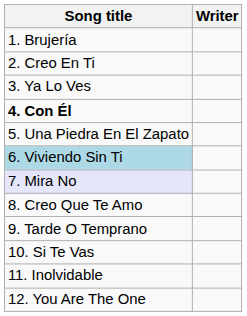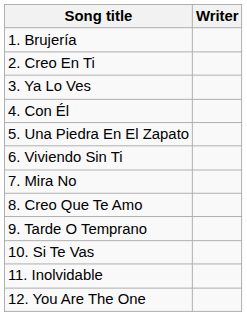 <table class="wikitable">
 <tr>
 <th>Song title</th>
 <th>Writer</th>
 </tr>
 <tr>
 <td>1. Brujería</td>
 <td></td>
 </tr>
 <tr>
 <td>2. Creo En Ti</td>
 <td></td>
 </tr>
 <tr>
 <td>3. Ya Lo Ves</td>
 <td></td>
 </tr>
 <tr>
-<td><strong>4. Con Él</strong></td>
+<td>4. Con Él</td>
 <td></td>
 </tr>
 <tr>
 <td>5. Una Piedra En El Zapato</td>
 <td></td>
 </tr>
 <tr>
-<td style="background: lightblue;">6. Viviendo Sin Ti</td>
+<td>6. Viviendo Sin Ti</td>
 <td></td>
 </tr>
 <tr>
-<td style="background: lavender;">7. Mira No</td>
+<td>7. Mira No</td>
 <td></td>
 </tr>
 <tr>
 <td>8. Creo Que Te Amo</td>
 <td></td>
 </tr>
 <tr>
 <td>9. Tarde O Temprano</td>
 <td></td>
 </tr>
 <tr>
 <td>10. Si Te Vas</td>
 <td></td>
 </tr>
 <tr>
 <td>11. Inolvidable</td>
 <td></td>
 </tr>
 <tr>
 <td>12. You Are The One</td>
 <td></td>
 </tr>
 </table>
